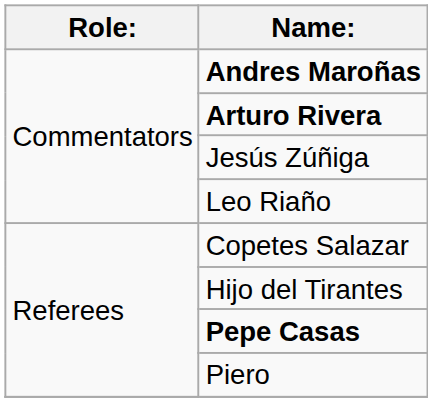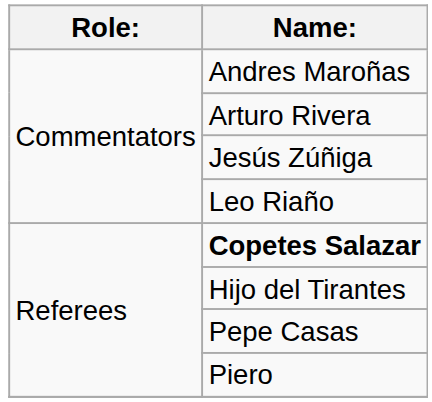 <table class=wikitable style="font-size:90%; margin: 0.5em 0 0.5em 1em; float: right; clear: right;">
 <tr>
 <th>Role:</th>
 <th>Name:</th>
 </tr>
 <tr>
 <td rowspan=4>Commentators</td>
-<td><strong>Andres Maroñas</strong></td>
+<td>Andres Maroñas</td>
 </tr>
 <tr>
-<td><strong>Arturo Rivera</strong></td>
+<td>Arturo Rivera</td>
 </tr>
 <tr>
 <td>Jesús Zúñiga</td>
 </tr>
 <tr>
 <td>Leo Riaño</td>
 </tr>
 <tr>
 <td rowspan=4>Referees</td>
-<td>Copetes Salazar</td>
+<td><strong>Copetes Salazar</strong></td>
 </tr>
 <tr>
 <td>Hijo del Tirantes</td>
 </tr>
 <tr>
-<td><strong>Pepe Casas</strong></td>
+<td>Pepe Casas</td>
 </tr>
 <tr>
 <td>Piero</td>
 </tr>
 <tr>
 </tr>
 </table>
